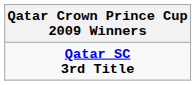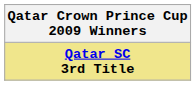 <table class="wikitable" style="text-align: center; margin: 0 auto;">
 <tr>
 <th>Qatar Crown Prince Cup <br>2009 Winners</th>
 </tr>
 <tr>
-<td><strong><a href='#'>Qatar SC</a></strong><br><strong>3rd Title</strong></td>
+<td style="background: khaki;"><strong><a href='#'>Qatar SC</a></strong><br><strong>3rd Title</strong></td>
 </tr>
 </table>
